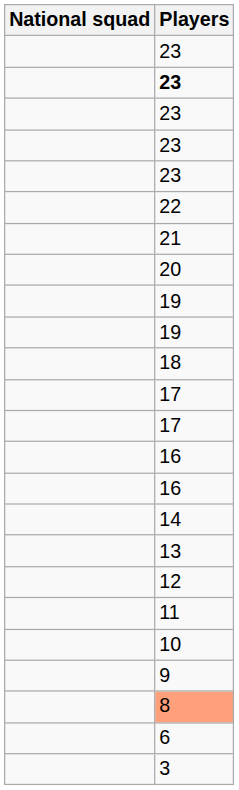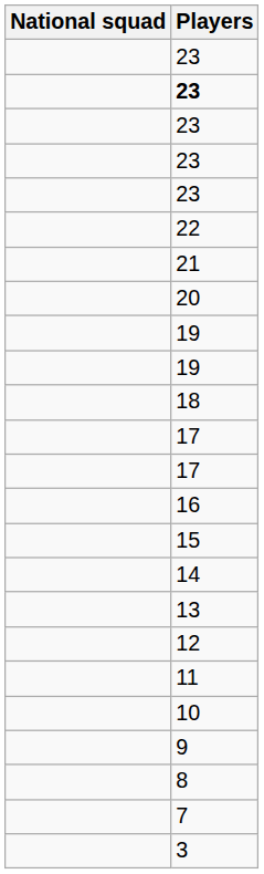 <table class="wikitable sortable">
 <tr>
 <th>National squad</th>
 <th>Players</th>
 </tr>
 <tr>
 <td></td>
 <td>23</td>
 </tr>
 <tr>
 <td></td>
 <td><strong>23</strong></td>
 </tr>
 <tr>
 <td></td>
 <td>23</td>
 </tr>
 <tr>
 <td></td>
 <td>23</td>
 </tr>
 <tr>
 <td></td>
 <td>23</td>
 </tr>
 <tr>
 <td></td>
 <td>22</td>
 </tr>
 <tr>
 <td></td>
 <td>21</td>
 </tr>
 <tr>
 <td></td>
 <td>20</td>
 </tr>
 <tr>
 <td></td>
 <td>19</td>
 </tr>
 <tr>
 <td></td>
 <td>19</td>
 </tr>
 <tr>
 <td></td>
 <td>18</td>
 </tr>
 <tr>
 <td></td>
 <td>17</td>
 </tr>
 <tr>
 <td></td>
 <td>17</td>
 </tr>
 <tr>
 <td></td>
 <td>16</td>
 </tr>
 <tr>
 <td></td>
-<td>16</td>
+<td>15</td>
 </tr>
 <tr>
 <td></td>
 <td>14</td>
 </tr>
 <tr>
 <td></td>
 <td>13</td>
 </tr>
 <tr>
 <td></td>
 <td>12</td>
 </tr>
 <tr>
 <td></td>
 <td>11</td>
 </tr>
 <tr>
 <td></td>
 <td>10</td>
 </tr>
 <tr>
 <td></td>
 <td>9</td>
 </tr>
 <tr>
 <td></td>
-<td style="background: lightsalmon;">8</td>
+<td>8</td>
 </tr>
 <tr>
 <td></td>
-<td>6</td>
+<td>7</td>
 </tr>
 <tr>
 <td></td>
 <td>3</td>
 </tr>
 </table>
